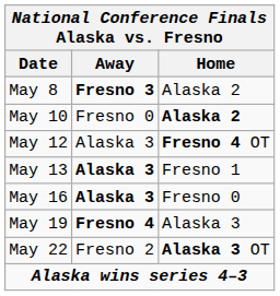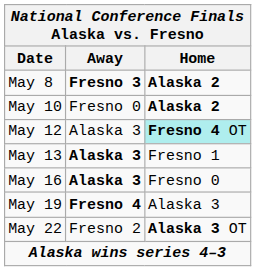 <table class="wikitable">
 <tr>
 <th bgcolor="#DDDDDD" colspan="4"><em>National Conference Finals</em> <br> Alaska vs. Fresno</th>
 </tr>
 <tr>
 <th>Date</th>
 <th>Away</th>
 <th>Home</th>
 </tr>
 <tr>
 <td>May 8</td>
 <td><strong>Fresno 3</strong></td>
-<td>Alaska 2</td>
+<td><strong>Alaska 2</strong></td>
 </tr>
 <tr>
 <td>May 10</td>
 <td>Fresno 0</td>
 <td><strong>Alaska 2</strong></td>
 </tr>
 <tr>
 <td>May 12</td>
 <td>Alaska 3</td>
-<td><strong>Fresno 4</strong> OT</td>
+<td style="background: paleturquoise;"><strong>Fresno 4</strong> OT</td>
 </tr>
 <tr>
 <td>May 13</td>
 <td><strong>Alaska 3</strong></td>
 <td>Fresno 1</td>
 </tr>
 <tr>
 <td>May 16</td>
 <td><strong>Alaska 3</strong></td>
 <td>Fresno 0</td>
 </tr>
 <tr>
 <td>May 19</td>
 <td><strong>Fresno 4</strong></td>
 <td>Alaska 3</td>
 </tr>
 <tr>
 <td>May 22</td>
 <td>Fresno 2</td>
 <td><strong>Alaska 3</strong> OT</td>
 </tr>
 <tr align="center">
 <td colspan="4"><strong><em>Alaska wins series 4–3</em></strong></td>
 </tr>
 </table>
